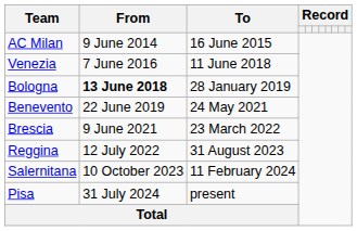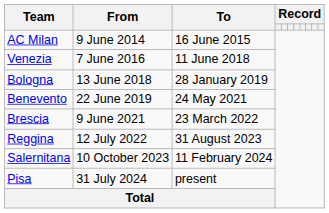 <table class=wikitable style="text-align: center">
 <tr>
 <th rowspan="2">Team</th>
 <th rowspan="2">From</th>
 <th rowspan="2">To</th>
 <th colspan="8">Record</th>
 </tr>
 <tr>
 <th></th>
 <th></th>
 <th></th>
 <th></th>
 <th></th>
 <th></th>
 <th></th>
 <th></th>
 </tr>
 <tr>
 <td align=left><a href='#'>AC Milan</a></td>
 <td align=left>9 June 2014</td>
 <td align=left>16 June 2015<br></td>
 </tr>
 <tr>
 <td align=left><a href='#'>Venezia</a></td>
 <td align=left>7 June 2016</td>
 <td align=left>11 June 2018<br></td>
 </tr>
 <tr>
 <td align=left><a href='#'>Bologna</a></td>
-<td align=left><strong>13 June 2018</strong></td>
+<td align=left>13 June 2018</td>
 <td align=left>28 January 2019<br></td>
 </tr>
 <tr>
 <td align=left><a href='#'>Benevento</a></td>
 <td align=left>22 June 2019</td>
 <td align=left>24 May 2021<br></td>
 </tr>
 <tr>
 <td align=left><a href='#'>Brescia</a></td>
 <td align=left>9 June 2021</td>
 <td align=left>23 March 2022<br></td>
 </tr>
 <tr>
 <td align=left><a href='#'>Reggina</a></td>
 <td align=left>12 July 2022</td>
 <td align=left>31 August 2023<br></td>
 </tr>
 <tr>
 <td align=left><a href='#'>Salernitana</a></td>
 <td align=left>10 October 2023</td>
 <td align=left>11 February 2024<br></td>
 </tr>
 <tr>
 <td align=left><a href='#'>Pisa</a></td>
 <td align=left>31 July 2024</td>
 <td align=left>present<br></td>
 </tr>
 <tr>
 <th colspan=3>Total<br></th>
 </tr>
 </table>
